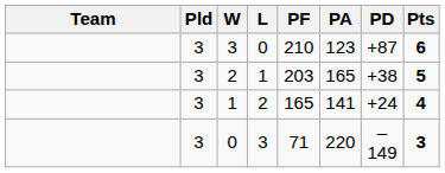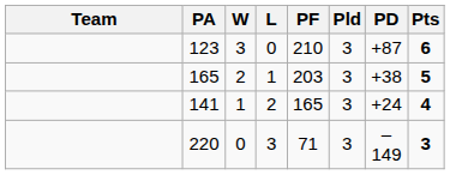 <table class="wikitable" style="text-align:center;">
 <tr>
 <th width=150>Team</th>
-<th width=20>Pld</th>
+<th width=30>PA</th>
 <th width=20>W</th>
 <th width=20>L</th>
 <th width=30>PF</th>
-<th width=30>PA</th>
+<th width=20>Pld</th>
 <th width=30>PD</th>
 <th width=20>Pts</th>
 </tr>
 <tr>
 <td align=left></td>
-<td>3</td>
+<td>123</td>
 <td>3</td>
 <td>0</td>
 <td>210</td>
-<td>123</td>
+<td>3</td>
 <td>+87</td>
 <td><strong>6</strong></td>
 </tr>
 <tr>
 <td align=left></td>
-<td>3</td>
+<td>165</td>
 <td>2</td>
 <td>1</td>
 <td>203</td>
-<td>165</td>
+<td>3</td>
 <td>+38</td>
 <td><strong>5</strong></td>
 </tr>
 <tr>
 <td align=left></td>
-<td>3</td>
+<td>141</td>
 <td>1</td>
 <td>2</td>
 <td>165</td>
-<td>141</td>
+<td>3</td>
 <td>+24</td>
 <td><strong>4</strong></td>
 </tr>
 <tr>
 <td align=left></td>
-<td>3</td>
+<td>220</td>
 <td>0</td>
 <td>3</td>
 <td>71</td>
-<td>220</td>
+<td>3</td>
 <td>–149</td>
 <td><strong>3</strong></td>
 </tr>
 </table>
